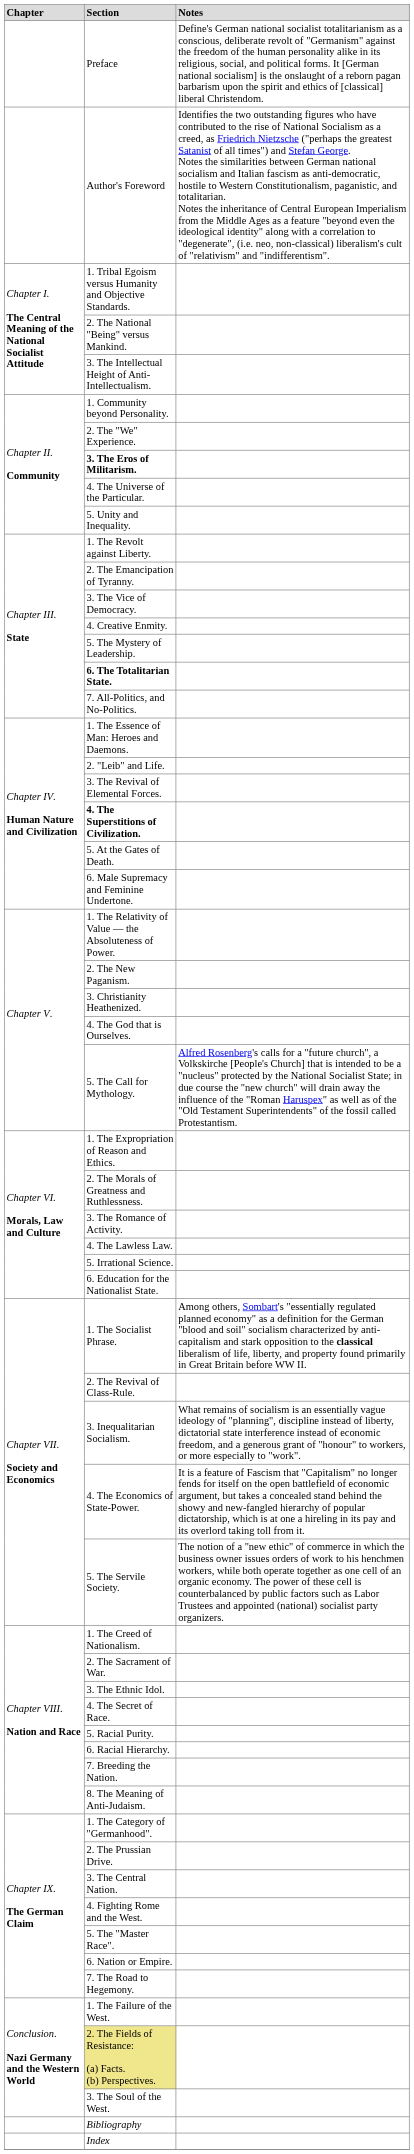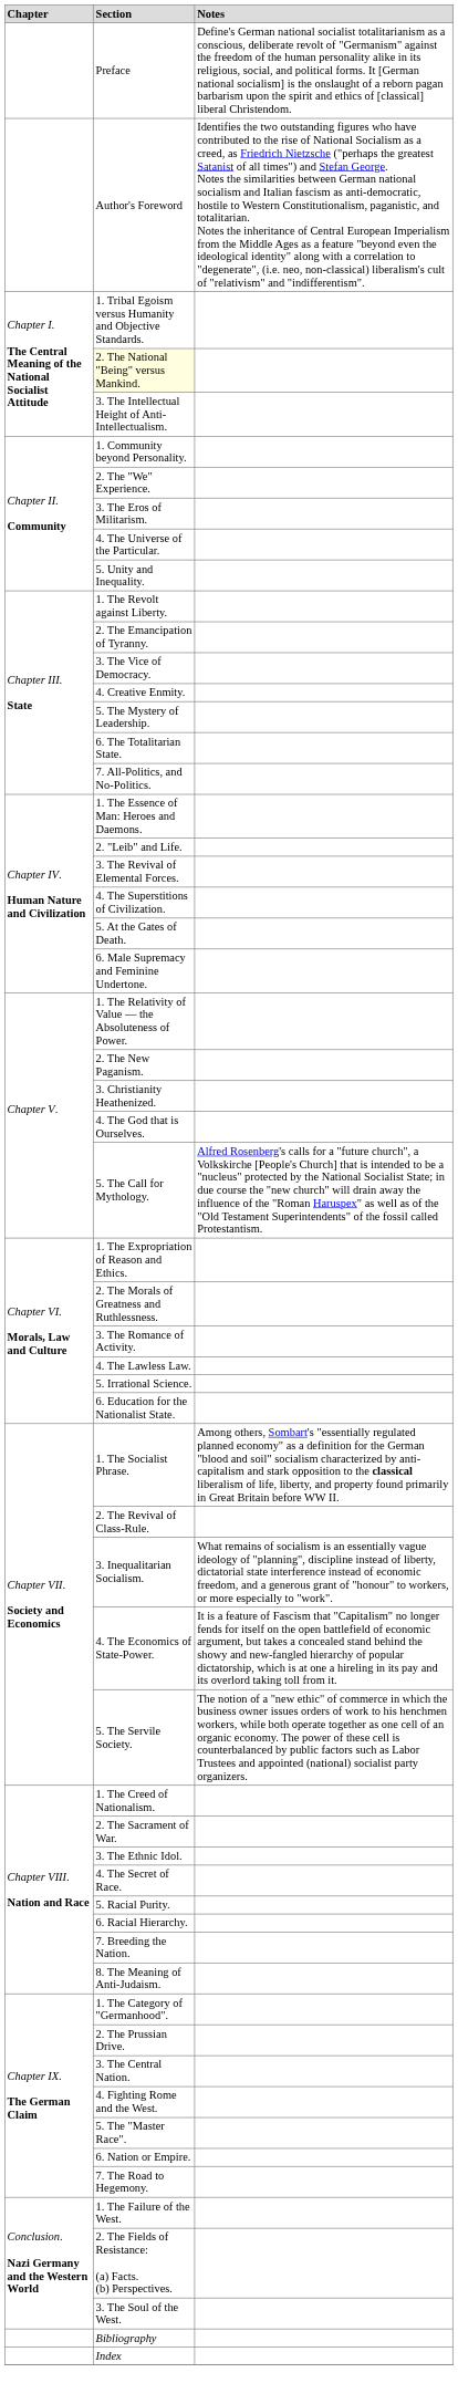 <table border="1" cellpadding="3" style="border-collapse: collapse;">
 <tr style="background: #dcdcdc;" align="left">
 <th>Chapter</th>
 <th>Section</th>
 <th>Notes</th>
 </tr>
 <tr>
 <td></td>
 <td>Preface</td>
 <td>Define's German national socialist totalitarianism as a conscious, deliberate revolt of "Germanism" against the freedom of the human personality alike in its religious, social, and political forms. It [German national socialism] is the onslaught of a reborn pagan barbarism upon the spirit and ethics of [classical] liberal Christendom.</td>
 </tr>
 <tr>
 <td></td>
 <td>Author's Foreword</td>
 <td>Identifies the two outstanding figures who have contributed to the rise of National Socialism as a creed, as <a href='#'>Friedrich Nietzsche</a> ("perhaps the greatest <a href='#'>Satanist</a> of all times") and <a href='#'>Stefan George</a>.<br>Notes the similarities between German national socialism and Italian fascism as anti-democratic, hostile to Western Constitutionalism, paganistic, and totalitarian.<br>Notes the inheritance of Central European Imperialism from the Middle Ages as a feature "beyond even the ideological identity" along with a correlation to "degenerate", (i.e. neo, non-classical) liberalism's cult of "relativism" and "indifferentism".</td>
 </tr>
 <tr>
 <td rowspan=3><em>Chapter I.</em>  <br><br><strong>The Central Meaning of the National Socialist Attitude</strong></td>
 <td>1. Tribal Egoism versus Humanity and Objective Standards.</td>
 <td></td>
 </tr>
 <tr>
-<td>2. The National "Being" versus Mankind.</td>
+<td style="background: lightyellow;">2. The National "Being" versus Mankind.</td>
 <td></td>
 </tr>
 <tr>
 <td>3. The Intellectual Height of Anti-Intellectualism.</td>
 <td></td>
 </tr>
 <tr>
 <td rowspan=5><em>Chapter II.</em>  <br><br><strong>Community</strong></td>
 <td>1. Community beyond Personality.</td>
 <td></td>
 </tr>
 <tr>
 <td>2. The "We" Experience.</td>
 <td></td>
 </tr>
 <tr>
-<td><strong>3. The Eros of Militarism.</strong></td>
+<td>3. The Eros of Militarism.</td>
 <td></td>
 </tr>
 <tr>
 <td>4. The Universe of the Particular.</td>
 <td></td>
 </tr>
 <tr>
 <td>5. Unity and Inequality.</td>
 <td></td>
 </tr>
 <tr>
 <td rowspan=7><em>Chapter III.</em>  <br><br><strong>State</strong></td>
 <td>1. The Revolt against Liberty.</td>
 <td></td>
 </tr>
 <tr>
 <td>2. The Emancipation of Tyranny.</td>
 <td></td>
 </tr>
 <tr>
 <td>3. The Vice of Democracy.</td>
 <td></td>
 </tr>
 <tr>
 <td>4. Creative Enmity.</td>
 <td></td>
 </tr>
 <tr>
 <td>5. The Mystery of Leadership.</td>
 <td></td>
 </tr>
 <tr>
-<td><strong>6. The Totalitarian State.</strong></td>
+<td>6. The Totalitarian State.</td>
 <td></td>
 </tr>
 <tr>
 <td>7. All-Politics, and No-Politics.</td>
 <td></td>
 </tr>
 <tr>
 <td rowspan=6><em>Chapter IV</em>.  <br><br><strong>Human Nature and Civilization</strong></td>
 <td>1. The Essence of Man: Heroes and Daemons.</td>
 <td></td>
 </tr>
 <tr>
 <td>2. "Leib" and Life.</td>
 <td></td>
 </tr>
 <tr>
 <td>3. The Revival of Elemental Forces.</td>
 <td></td>
 </tr>
 <tr>
-<td><strong>4. The Superstitions of Civilization.</strong></td>
+<td>4. The Superstitions of Civilization.</td>
 <td></td>
 </tr>
 <tr>
 <td>5. At the Gates of Death.</td>
 <td></td>
 </tr>
 <tr>
 <td>6. Male Supremacy and Feminine Undertone.</td>
 <td></td>
 </tr>
 <tr>
 <td rowspan=5><em>Chapter V</em>. <br><br><strong></strong></td>
 <td>1. The Relativity of Value — the Absoluteness of Power.</td>
 <td></td>
 </tr>
 <tr>
 <td>2. The New Paganism.</td>
 <td></td>
 </tr>
 <tr>
 <td>3. Christianity Heathenized.</td>
 <td></td>
 </tr>
 <tr>
 <td>4. The God that is Ourselves.</td>
 <td></td>
 </tr>
 <tr>
 <td>5. The Call for Mythology.</td>
 <td><a href='#'>Alfred Rosenberg</a>'s calls for a "future church", a Volkskirche [People's Church] that is intended to be a "nucleus" protected by the National Socialist State; in due course the "new church" will drain away the influence of the "Roman <a href='#'>Haruspex</a>" as well as of the "Old Testament Superintendents" of the fossil called Protestantism.</td>
 </tr>
 <tr>
 <td rowspan=6><em>Chapter VI</em>. <br><br><strong>Morals, Law and Culture</strong></td>
 <td>1. The Expropriation of Reason and Ethics.</td>
 <td></td>
 </tr>
 <tr>
 <td>2. The Morals of Greatness and Ruthlessness.</td>
 <td></td>
 </tr>
 <tr>
 <td>3. The Romance of Activity.</td>
 <td></td>
 </tr>
 <tr>
 <td>4. The Lawless Law.</td>
 <td></td>
 </tr>
 <tr>
 <td>5. Irrational Science.</td>
 <td></td>
 </tr>
 <tr>
 <td>6. Education for the Nationalist State.</td>
 <td></td>
 </tr>
 <tr>
 <td rowspan=5><em>Chapter VII</em>. <br><br><strong>Society and Economics</strong></td>
 <td>1. The Socialist Phrase.</td>
 <td>Among others, <a href='#'>Sombart</a>'s "essentially regulated planned economy" as a definition for the German "blood and soil" socialism characterized by anti-capitalism and stark opposition to the <strong>classical</strong> liberalism of life, liberty, and property found primarily in Great Britain before WW II.</td>
 </tr>
 <tr>
 <td>2. The Revival of Class-Rule.</td>
 <td></td>
 </tr>
 <tr>
 <td>3. Inequalitarian Socialism.</td>
 <td>What remains of socialism is an essentially vague ideology of "planning", discipline instead of liberty, dictatorial state interference instead of economic freedom, and a generous grant of "honour" to workers, or more especially to "work".</td>
 </tr>
 <tr>
 <td>4. The Economics of State-Power.</td>
 <td>It is a feature of Fascism that "Capitalism" no longer fends for itself on the open battlefield of economic argument, but takes a concealed stand behind the showy and new-fangled hierarchy of popular dictatorship, which is at one a hireling in its pay and its overlord taking toll from it.</td>
 </tr>
 <tr>
 <td>5. The Servile Society.</td>
 <td>The notion of a "new ethic" of commerce in which the business owner issues orders of work to his henchmen workers, while both operate together as one cell of an organic economy. The power of these cell is counterbalanced by public factors such as Labor Trustees and appointed (national) socialist party organizers.</td>
 </tr>
 <tr>
 <td rowspan=8><em>Chapter VIII</em>. <br><br><strong>Nation and Race</strong></td>
 <td>1. The Creed of Nationalism.</td>
 <td></td>
 </tr>
 <tr>
 <td>2. The Sacrament of War.</td>
 <td></td>
 </tr>
 <tr>
 <td>3. The Ethnic Idol.</td>
 <td></td>
 </tr>
 <tr>
 <td>4. The Secret of Race.</td>
 <td></td>
 </tr>
 <tr>
 <td>5. Racial Purity.</td>
 <td></td>
 </tr>
 <tr>
 <td>6. Racial Hierarchy.</td>
 <td></td>
 </tr>
 <tr>
 <td>7. Breeding the Nation.</td>
 <td></td>
 </tr>
 <tr>
 <td>8. The Meaning of Anti-Judaism.</td>
 <td></td>
 </tr>
 <tr>
 <td rowspan=7><em>Chapter IX</em>. <br><br><strong>The German Claim</strong></td>
 <td>1. The Category of "Germanhood".</td>
 <td></td>
 </tr>
 <tr>
 <td>2. The Prussian Drive.</td>
 <td></td>
 </tr>
 <tr>
 <td>3. The Central Nation.</td>
 <td></td>
 </tr>
 <tr>
 <td>4. Fighting Rome and the West.</td>
 <td></td>
 </tr>
 <tr>
 <td>5. The "Master Race".</td>
 <td></td>
 </tr>
 <tr>
 <td>6. Nation or Empire.</td>
 <td></td>
 </tr>
 <tr>
 <td>7. The Road to Hegemony.</td>
 <td></td>
 </tr>
 <tr>
 <td rowspan=3><em>Conclusion</em>. <br><br><strong>Nazi Germany and the Western World</strong></td>
 <td>1. The Failure of the West.</td>
 <td></td>
 </tr>
 <tr>
-<td style="background: khaki;">2. The Fields of Resistance: <br><br>	(a) Facts.<br> 	(b) Perspectives.</td>
+<td>2. The Fields of Resistance: <br><br>	(a) Facts.<br> 	(b) Perspectives.</td>
 <td></td>
 </tr>
 <tr>
 <td>3. The Soul of the West.</td>
 <td></td>
 </tr>
 <tr>
 <td></td>
 <td><em>Bibliography</em></td>
 <td></td>
 </tr>
 <tr>
 <td></td>
 <td><em>Index</em></td>
 <td></td>
 </tr>
 <tr>
 </tr>
 </table>
